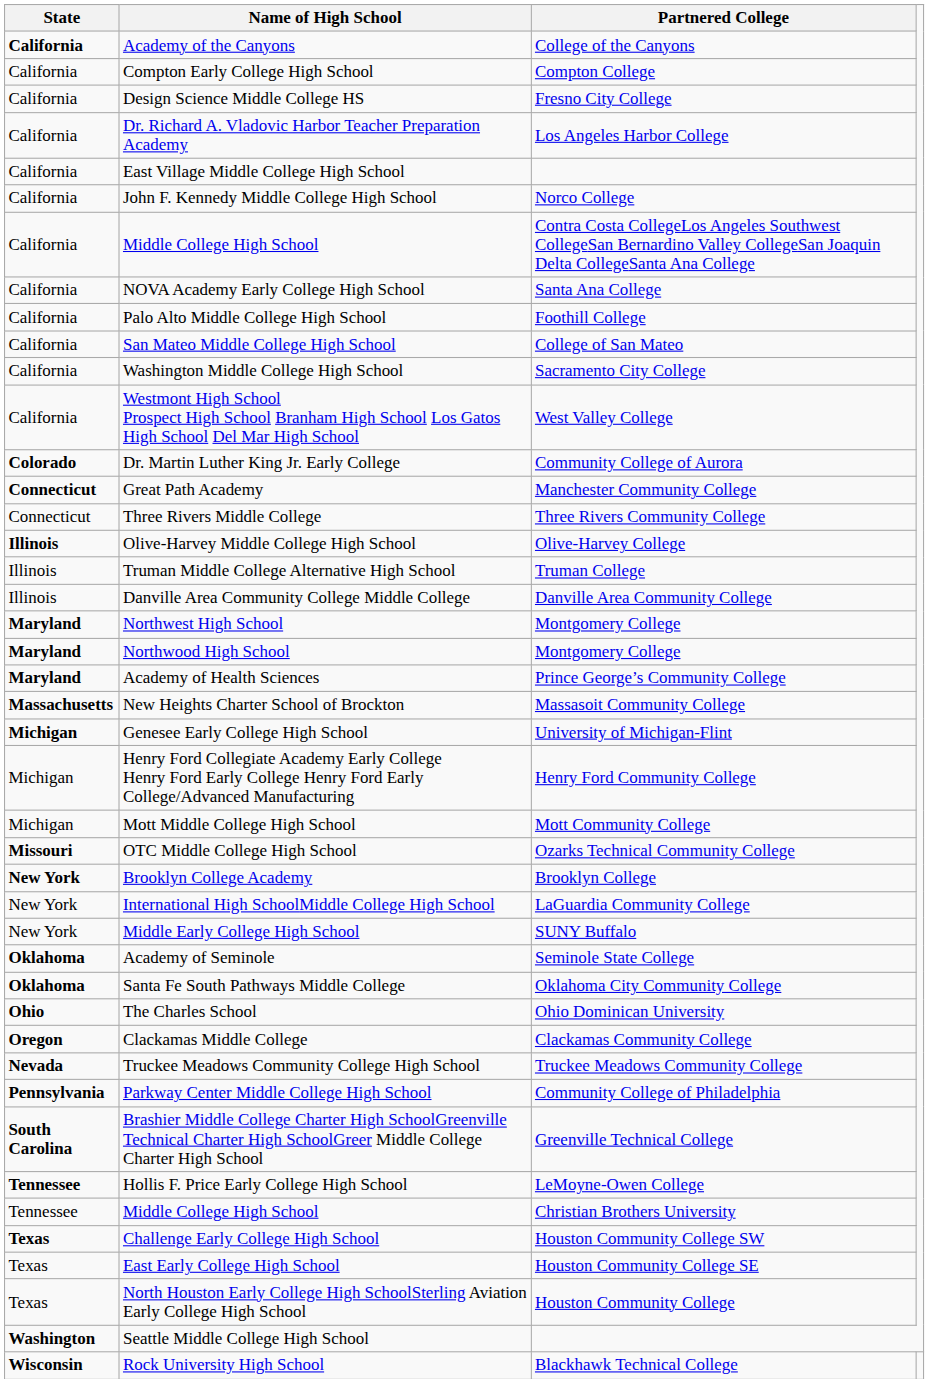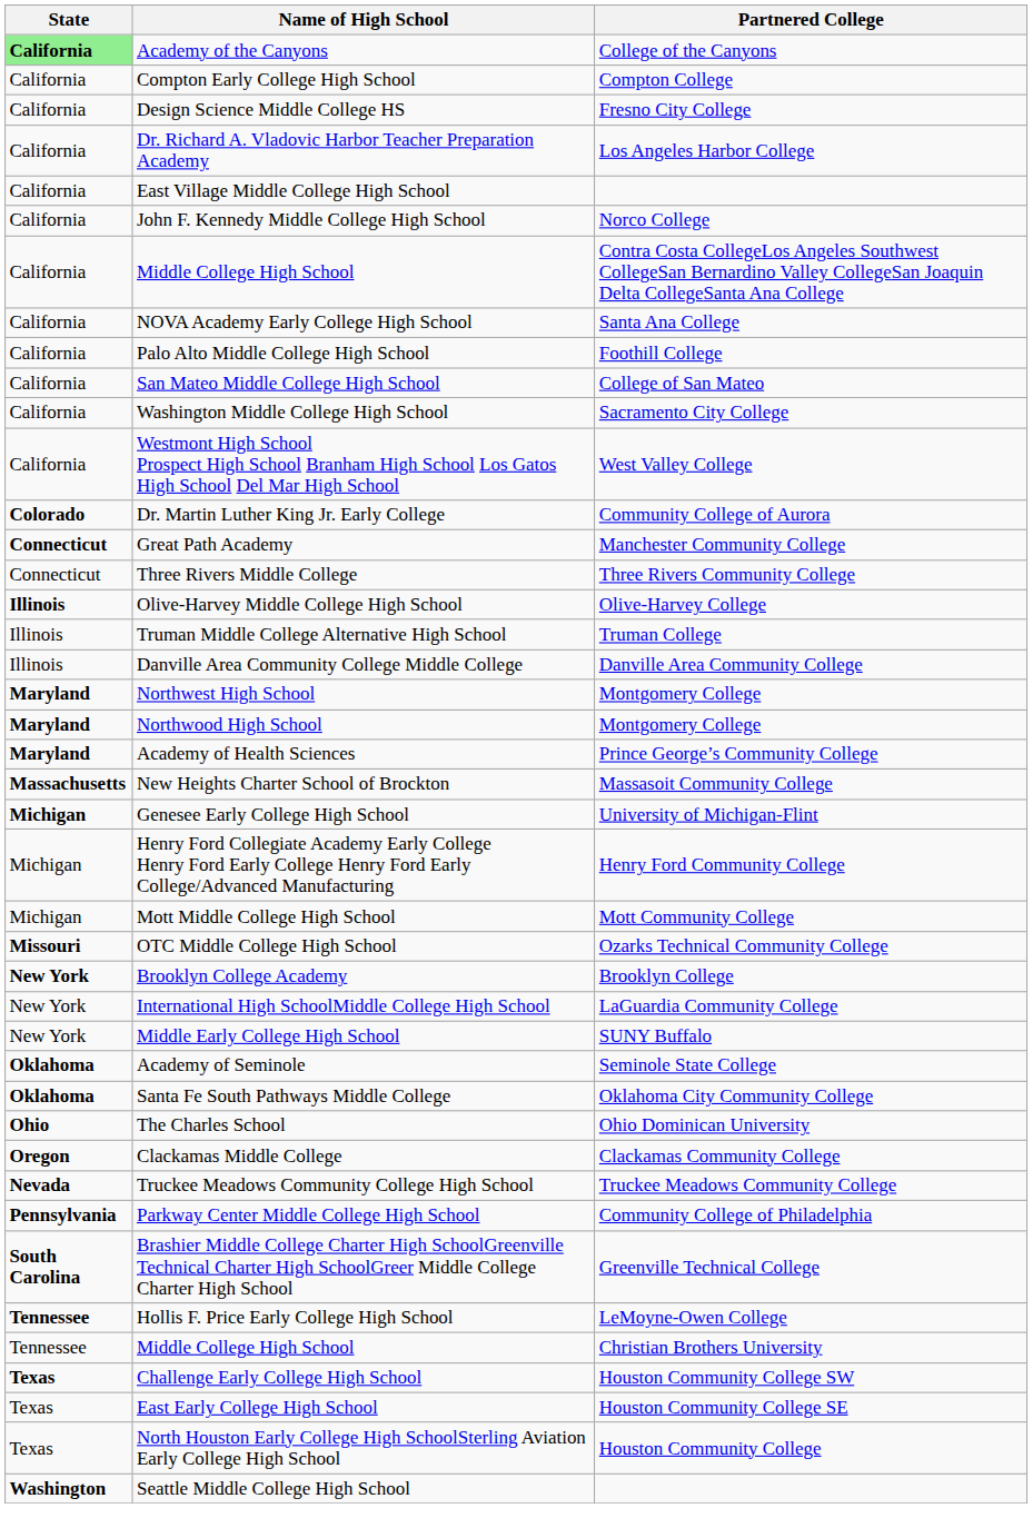 <table class="wikitable">
 <tr>
 <th>State</th>
 <th>Name of High School</th>
 <th>Partnered College</th>
 </tr>
 <tr>
-<td><strong>California</strong></td>
+<td style="background: lightgreen;"><strong>California</strong></td>
 <td><a href='#'>Academy of the Canyons</a></td>
 <td><a href='#'>College of the Canyons</a></td>
 </tr>
 <tr>
 <td>California</td>
 <td>Compton Early College High School</td>
 <td><a href='#'>Compton College</a></td>
 </tr>
 <tr>
 <td>California</td>
 <td>Design Science Middle College HS</td>
 <td><a href='#'>Fresno City College</a></td>
 </tr>
 <tr>
 <td>California</td>
 <td><a href='#'>Dr. Richard A. Vladovic Harbor Teacher Preparation Academy</a></td>
 <td><a href='#'>Los Angeles Harbor College</a></td>
 </tr>
 <tr>
 <td>California</td>
 <td>East Village Middle College High School</td>
 <td></td>
 </tr>
 <tr>
 <td>California</td>
 <td>John F. Kennedy Middle College High School</td>
 <td><a href='#'>Norco College</a></td>
 </tr>
 <tr>
 <td>California</td>
 <td><a href='#'>Middle College High School</a></td>
 <td><a href='#'>Contra Costa College</a><a href='#'>Los Angeles Southwest College</a><a href='#'>San Bernardino Valley College</a><a href='#'>San Joaquin Delta College</a><a href='#'>Santa Ana College</a></td>
 </tr>
 <tr>
 <td>California</td>
 <td>NOVA Academy Early College High School</td>
 <td><a href='#'>Santa Ana College</a></td>
 </tr>
 <tr>
 <td>California</td>
 <td>Palo Alto Middle College High School</td>
 <td><a href='#'>Foothill College</a></td>
 </tr>
 <tr>
 <td>California</td>
 <td><a href='#'>San Mateo Middle College High School</a></td>
 <td><a href='#'>College of San Mateo</a></td>
 </tr>
 <tr>
 <td>California</td>
 <td>Washington Middle College High School</td>
 <td><a href='#'>Sacramento City College</a></td>
 </tr>
 <tr>
 <td>California</td>
 <td><a href='#'> Westmont High School</a><br><a href='#'>Prospect High School</a>   <a href='#'>Branham High School</a> <a href='#'>Los Gatos High School</a> <a href='#'>Del Mar High School</a></td>
 <td><a href='#'>West Valley College</a></td>
 </tr>
 <tr>
 <td><strong>Colorado</strong></td>
 <td>Dr. Martin Luther King Jr. Early College</td>
 <td><a href='#'>Community College of Aurora</a></td>
 </tr>
 <tr>
 <td><strong>Connecticut</strong></td>
 <td>Great Path Academy</td>
 <td><a href='#'>Manchester Community College</a></td>
 </tr>
 <tr>
 <td>Connecticut</td>
 <td>Three Rivers Middle College</td>
 <td><a href='#'>Three Rivers Community College</a></td>
 </tr>
 <tr>
 <td><strong>Illinois</strong></td>
 <td>Olive-Harvey Middle College High School</td>
 <td><a href='#'>Olive-Harvey College</a></td>
 </tr>
 <tr>
 <td>Illinois</td>
 <td>Truman Middle College Alternative High School</td>
 <td><a href='#'>Truman College</a></td>
 </tr>
 <tr>
 <td>Illinois</td>
 <td>Danville Area Community College Middle College</td>
 <td><a href='#'>Danville Area Community College</a></td>
 </tr>
 <tr>
 <td><strong>Maryland</strong></td>
 <td><a href='#'>Northwest High School</a></td>
 <td><a href='#'>Montgomery College</a></td>
 </tr>
 <tr>
 <td><strong>Maryland</strong></td>
 <td><a href='#'>Northwood High School</a></td>
 <td><a href='#'>Montgomery College</a></td>
 </tr>
 <tr>
 <td><strong>Maryland</strong></td>
 <td>Academy of Health Sciences</td>
 <td><a href='#'>Prince George’s Community College</a></td>
 </tr>
 <tr>
 <td><strong>Massachusetts</strong></td>
 <td>New Heights Charter School of Brockton</td>
 <td><a href='#'>Massasoit Community College</a></td>
 </tr>
 <tr>
 <td><strong>Michigan</strong></td>
 <td>Genesee Early College High School</td>
 <td><a href='#'>University of Michigan-Flint</a></td>
 </tr>
 <tr>
 <td>Michigan</td>
 <td>Henry Ford Collegiate Academy Early College<br>Henry Ford Early College Henry Ford Early College/Advanced Manufacturing</td>
 <td><a href='#'>Henry Ford Community College</a></td>
 </tr>
 <tr>
 <td>Michigan</td>
 <td>Mott Middle College High School</td>
 <td><a href='#'>Mott Community College</a></td>
 </tr>
 <tr>
 <td><strong>Missouri</strong></td>
 <td>OTC Middle College High School</td>
 <td><a href='#'>Ozarks Technical Community College</a></td>
 </tr>
 <tr>
 <td><strong>New York</strong></td>
 <td><a href='#'>Brooklyn College Academy</a></td>
 <td><a href='#'>Brooklyn College</a></td>
 </tr>
 <tr>
 <td>New York</td>
 <td><a href='#'>International High School</a><a href='#'>Middle College High School</a></td>
 <td><a href='#'>LaGuardia Community College</a></td>
 </tr>
 <tr>
 <td>New York</td>
 <td><a href='#'>Middle Early College High School</a></td>
 <td><a href='#'>SUNY Buffalo</a></td>
 </tr>
 <tr>
 <td><strong>Oklahoma</strong></td>
 <td>Academy of Seminole</td>
 <td><a href='#'>Seminole State College</a></td>
 </tr>
 <tr>
 <td><strong>Oklahoma</strong></td>
 <td>Santa Fe South Pathways Middle College</td>
 <td><a href='#'>Oklahoma City Community College</a></td>
 </tr>
 <tr>
 <td><strong>Ohio</strong></td>
 <td>The Charles School</td>
 <td><a href='#'>Ohio Dominican University</a></td>
 </tr>
 <tr>
 <td><strong>Oregon</strong></td>
 <td>Clackamas Middle College</td>
 <td><a href='#'>Clackamas Community College</a></td>
 </tr>
 <tr>
 <td><strong>Nevada</strong></td>
 <td>Truckee Meadows Community College High School</td>
 <td><a href='#'>Truckee Meadows Community College</a></td>
 </tr>
 <tr>
 <td><strong>Pennsylvania</strong></td>
 <td><a href='#'>Parkway Center Middle College High School</a></td>
 <td><a href='#'>Community College of Philadelphia</a></td>
 </tr>
 <tr>
 <td><strong>South Carolina</strong></td>
 <td><a href='#'>Brashier Middle College Charter High School</a><a href='#'>Greenville Technical Charter High SchoolGreer</a> Middle College Charter High School</td>
 <td><a href='#'>Greenville Technical College</a></td>
 </tr>
 <tr>
 <td><strong>Tennessee</strong></td>
 <td>Hollis F. Price Early College High School</td>
 <td><a href='#'>LeMoyne-Owen College</a></td>
 </tr>
 <tr>
 <td>Tennessee</td>
 <td><a href='#'>Middle College High School</a></td>
 <td><a href='#'>Christian Brothers University</a></td>
 </tr>
 <tr>
 <td><strong>Texas</strong></td>
 <td><a href='#'>Challenge Early College High School</a></td>
 <td><a href='#'>Houston Community College SW</a></td>
 </tr>
 <tr>
 <td>Texas</td>
 <td><a href='#'>East Early College High School</a></td>
 <td><a href='#'>Houston Community College SE</a></td>
 </tr>
 <tr>
 <td>Texas</td>
 <td><a href='#'>North Houston Early College High SchoolSterling</a> Aviation Early College High School</td>
 <td><a href='#'>Houston Community College</a></td>
 </tr>
 <tr>
 <td><strong>Washington</strong></td>
 <td>Seattle Middle College High School</td>
 </tr>
-<tr>
-<td><strong>Wisconsin</strong></td>
-<td><a href='#'>Rock University High School</a></td>
-<td><a href='#'>Blackhawk Technical College</a></td>
-<td></td>
-</tr>
 </table>
